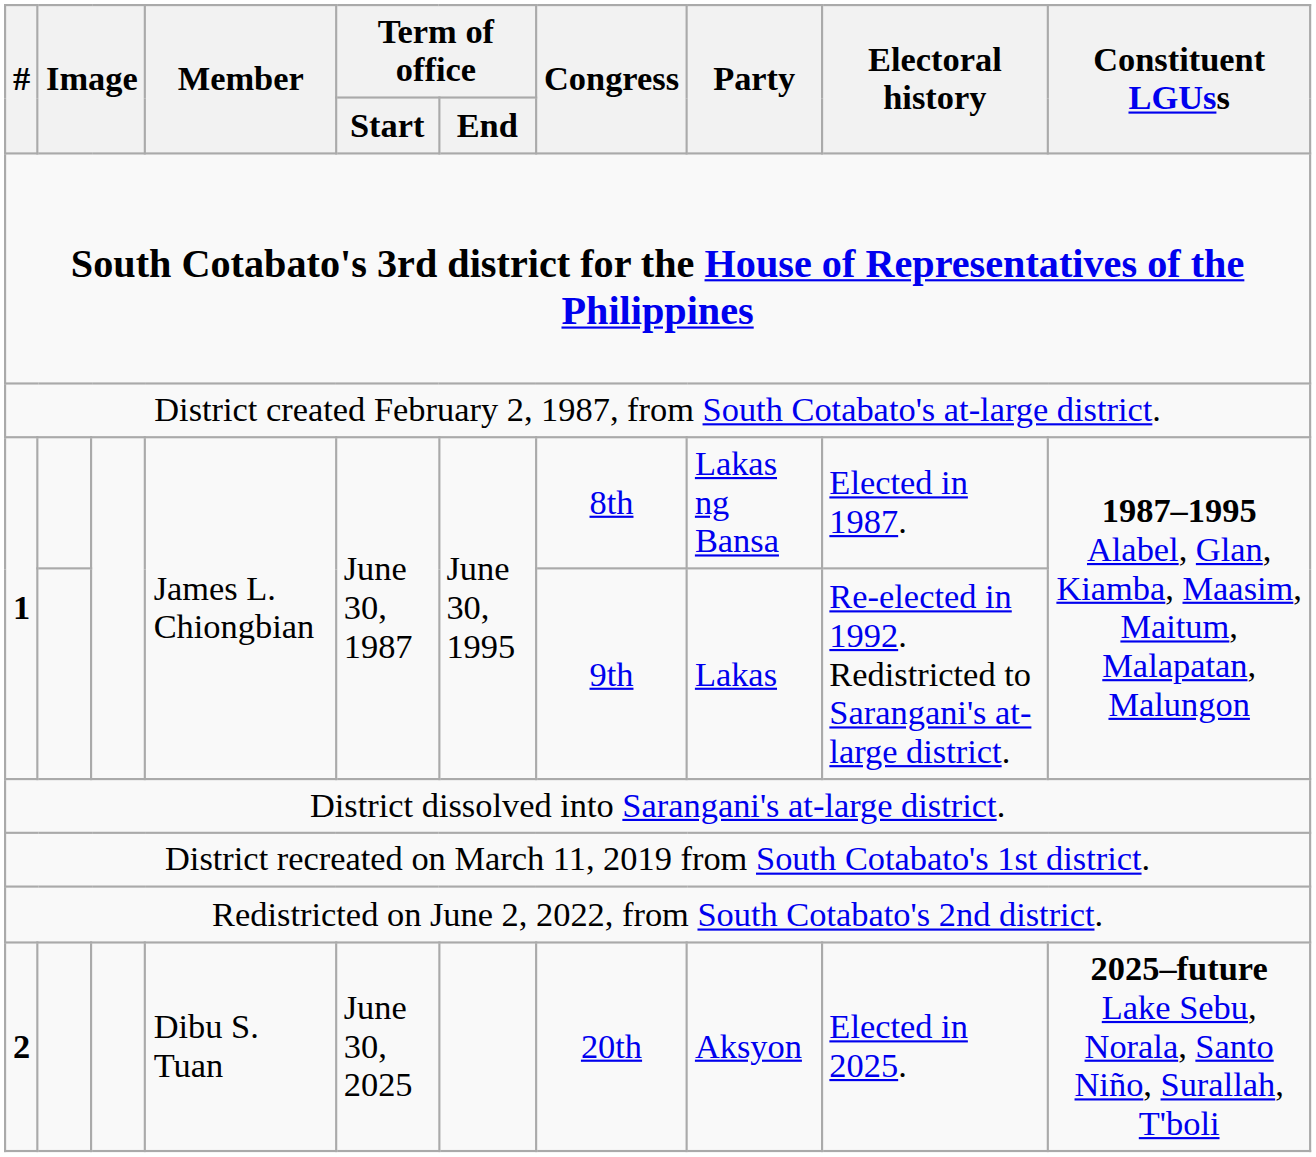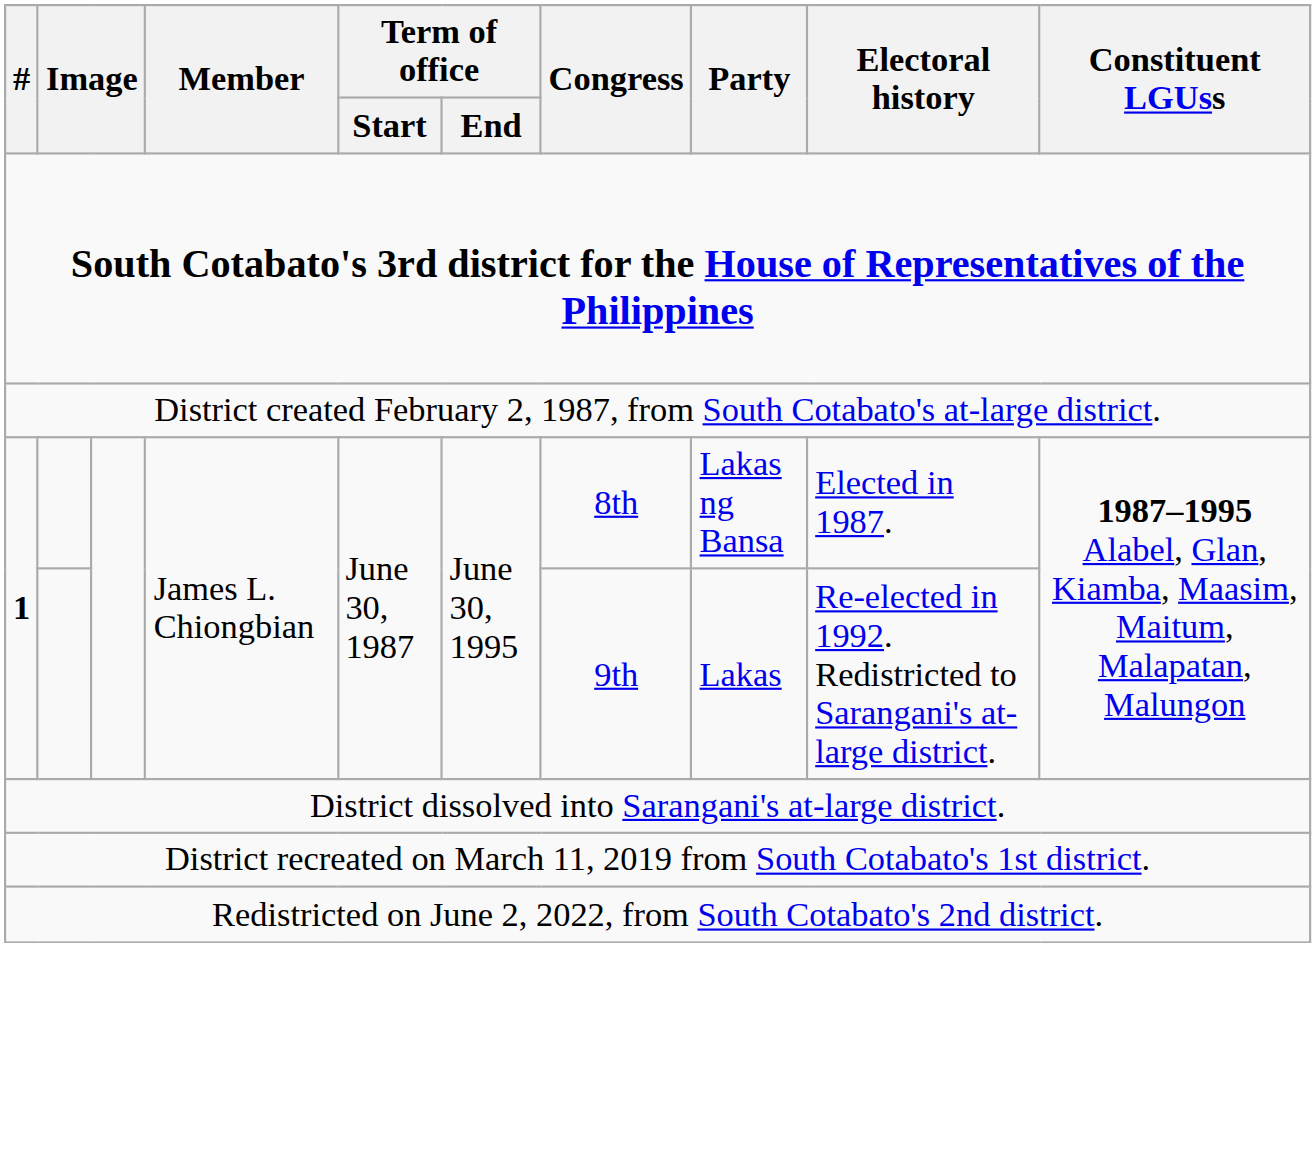 <table class=wikitable>
 <tr>
 <th rowspan="2">#</th>
 <th rowspan="2" colspan=2>Image</th>
 <th rowspan="2">Member</th>
 <th colspan=2>Term of office</th>
 <th rowspan="2">Congress</th>
 <th rowspan="2">Party</th>
 <th rowspan="2">Electoral history</th>
 <th rowspan="2">Constituent<br><a href='#'>LGUs</a>s</th>
 </tr>
 <tr>
 <th>Start</th>
 <th>End</th>
 </tr>
 <tr>
 <td colspan="10" style="text-align:center;"><br><h3>South Cotabato's 3rd district for the <a href='#'>House of Representatives of the Philippines</a></h3></td>
 </tr>
 <tr>
 <td colspan="10" style="text-align:center;">District created February 2, 1987, from <a href='#'>South Cotabato's at-large district</a>.</td>
 </tr>
 <tr>
 <td rowspan="2" style="text-align:center;"><strong>1</strong></td>
 <td style="color:inherit;background:"></td>
 <td rowspan="2"></td>
 <td rowspan="2">James L. Chiongbian</td>
 <td rowspan="2">June 30, 1987</td>
 <td rowspan="2">June 30, 1995</td>
 <td style="text-align:center;"><a href='#'>8th</a></td>
 <td><a href='#'>Lakas ng Bansa</a></td>
 <td><a href='#'>Elected in 1987</a>.</td>
 <td rowspan="2" style="text-align:center;"><strong>1987–1995</strong><br><a href='#'>Alabel</a>, <a href='#'>Glan</a>, <a href='#'>Kiamba</a>, <a href='#'>Maasim</a>, <a href='#'>Maitum</a>, <a href='#'>Malapatan</a>, <a href='#'>Malungon</a></td>
 </tr>
 <tr>
 <td style="color:inherit;background:"></td>
 <td style="text-align:center;"><a href='#'>9th</a></td>
 <td><a href='#'>Lakas</a></td>
 <td><a href='#'>Re-elected in 1992</a>.<br>Redistricted to <a href='#'>Sarangani's at-large district</a>.</td>
 </tr>
 <tr>
 <td colspan="10" style="text-align:center;">District dissolved into <a href='#'>Sarangani's at-large district</a>.</td>
 </tr>
 <tr>
 <td colspan="10" style="text-align:center;">District recreated on March 11, 2019 from <a href='#'>South Cotabato's 1st district</a>.</td>
 </tr>
 <tr>
 <td colspan="10" style="text-align:center;">Redistricted on June 2, 2022, from <a href='#'>South Cotabato's 2nd district</a>.</td>
 </tr>
-<tr>
-<td style="text-align:center;"><strong>2</strong></td>
-<td style="color:inherit;background:"></td>
-<td></td>
-<td>Dibu S. Tuan</td>
-<td>June 30, 2025</td>
-<td></td>
-<td style="text-align:center;"><a href='#'>20th</a></td>
-<td><a href='#'>Aksyon</a></td>
-<td><a href='#'>Elected in 2025</a>.</td>
-<td style="text-align:center;"><strong>2025–future</strong><br><a href='#'>Lake Sebu</a>, <a href='#'>Norala</a>, <a href='#'>Santo Niño</a>, <a href='#'>Surallah</a>, <a href='#'>T'boli</a></td>
-</tr>
 </table>
